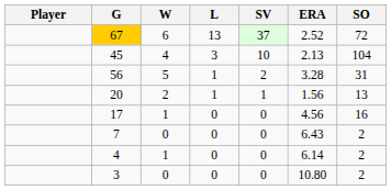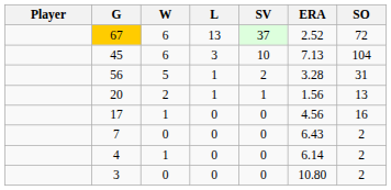 <table class="wikitable sortable">
 <tr>
 <th bgcolor="#DDDDFF" width="16%">Player</th>
 <th bgcolor="#DDDDFF" width="9%">G</th>
 <th bgcolor="#DDDDFF" width="9%">W</th>
 <th bgcolor="#DDDDFF" width="9%">L</th>
 <th bgcolor="#DDDDFF" width="9%">SV</th>
 <th bgcolor="#DDDDFF" width="9%">ERA</th>
 <th bgcolor="#DDDDFF" width="9%">SO</th>
 </tr>
 <tr align="center">
 <td></td>
 <td style="background:#fc0;">67</td>
 <td>6</td>
 <td>13</td>
 <td style="background:#DDFFDD;">37</td>
 <td>2.52</td>
 <td>72</td>
 </tr>
 <tr align="center">
 <td></td>
 <td>45</td>
-<td>4</td>
+<td>6</td>
 <td>3</td>
 <td>10</td>
-<td>2.13</td>
+<td>7.13</td>
 <td>104</td>
 </tr>
 <tr align=center>
 <td></td>
 <td>56</td>
 <td>5</td>
 <td>1</td>
 <td>2</td>
 <td>3.28</td>
 <td>31</td>
 </tr>
 <tr align="center">
 <td></td>
 <td>20</td>
 <td>2</td>
 <td>1</td>
 <td>1</td>
 <td>1.56</td>
 <td>13</td>
 </tr>
 <tr align="center">
 <td></td>
 <td>17</td>
 <td>1</td>
 <td>0</td>
 <td>0</td>
 <td>4.56</td>
 <td>16</td>
 </tr>
 <tr align="center">
 <td></td>
 <td>7</td>
 <td>0</td>
 <td>0</td>
 <td>0</td>
 <td>6.43</td>
 <td>2</td>
 </tr>
 <tr align="center">
 <td></td>
 <td>4</td>
 <td>1</td>
 <td>0</td>
 <td>0</td>
 <td>6.14</td>
 <td>2</td>
 </tr>
 <tr align="center">
 <td></td>
 <td>3</td>
 <td>0</td>
 <td>0</td>
 <td>0</td>
 <td>10.80</td>
 <td>2</td>
 </tr>
 </table>
